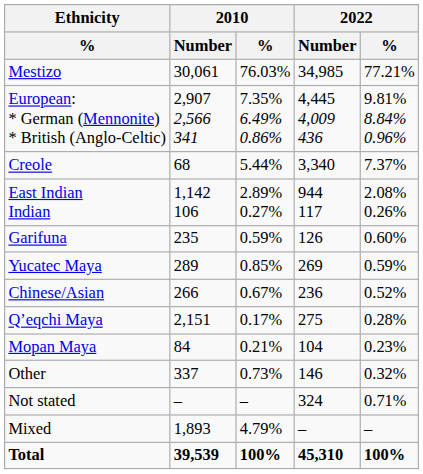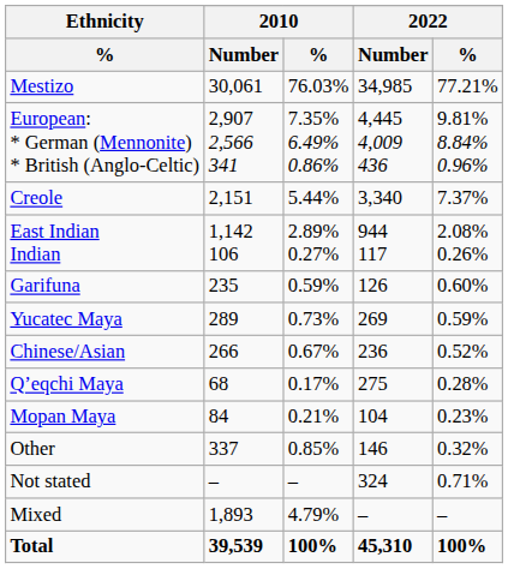 <table class="wikitable sortable left" style="font-size: 90%;">
 <tr>
 <th rowspan="2">Ethnicity</th>
 </tr>
 <tr>
 <th colspan="2">2010</th>
 <th colspan="2">2022</th>
 </tr>
 <tr>
 <th>%</th>
 <th>Number</th>
 <th>%</th>
 <th>Number</th>
 <th>%</th>
 </tr>
 <tr>
 <td><a href='#'>Mestizo</a></td>
 <td>30,061</td>
 <td>76.03%</td>
 <td>34,985</td>
 <td>77.21%</td>
 </tr>
 <tr>
 <td><a href='#'>European</a>:<br>* German (<a href='#'>Mennonite</a>)<br>* British (Anglo-Celtic)</td>
 <td>2,907<br><em>2,566<br>341</em></td>
 <td>7.35%<br><em>6.49%<br>0.86%</em></td>
 <td>4,445<br><em>4,009<br>436</em></td>
 <td>9.81%<br><em>8.84%<br>0.96%</em></td>
 </tr>
 <tr>
 <td><a href='#'>Creole</a></td>
-<td>68</td>
+<td>2,151</td>
 <td>5.44%</td>
 <td>3,340</td>
 <td>7.37%</td>
 </tr>
 <tr>
 <td><a href='#'>East Indian</a><br><a href='#'>Indian</a></td>
 <td>1,142<br>106</td>
 <td>2.89%<br>0.27%</td>
 <td>944<br>117</td>
 <td>2.08%<br>0.26%</td>
 </tr>
 <tr>
 <td><a href='#'>Garifuna</a></td>
 <td>235</td>
 <td>0.59%</td>
 <td>126</td>
 <td>0.60%</td>
 </tr>
 <tr>
 <td><a href='#'>Yucatec Maya</a></td>
 <td>289</td>
-<td>0.85%</td>
+<td>0.73%</td>
 <td>269</td>
 <td>0.59%</td>
 </tr>
 <tr>
 <td><a href='#'>Chinese/Asian</a></td>
 <td>266</td>
 <td>0.67%</td>
 <td>236</td>
 <td>0.52%</td>
 </tr>
 <tr>
 <td><a href='#'>Qʼeqchi Maya</a></td>
-<td>2,151</td>
+<td>68</td>
 <td>0.17%</td>
 <td>275</td>
 <td>0.28%</td>
 </tr>
 <tr>
 <td><a href='#'>Mopan Maya</a></td>
 <td>84</td>
 <td>0.21%</td>
 <td>104</td>
 <td>0.23%</td>
 </tr>
 <tr>
 <td>Other</td>
 <td>337</td>
-<td>0.73%</td>
+<td>0.85%</td>
 <td>146</td>
 <td>0.32%</td>
 </tr>
 <tr>
 <td>Not stated</td>
 <td>–</td>
 <td>–</td>
 <td>324</td>
 <td>0.71%</td>
 </tr>
 <tr>
 <td>Mixed</td>
 <td>1,893</td>
 <td>4.79%</td>
 <td>–</td>
 <td>–</td>
 </tr>
 <tr>
 <td><strong>Total</strong></td>
 <td><strong>39,539</strong></td>
 <td><strong>100%</strong></td>
 <td><strong>45,310</strong></td>
 <td><strong>100%</strong></td>
 </tr>
 </table>
